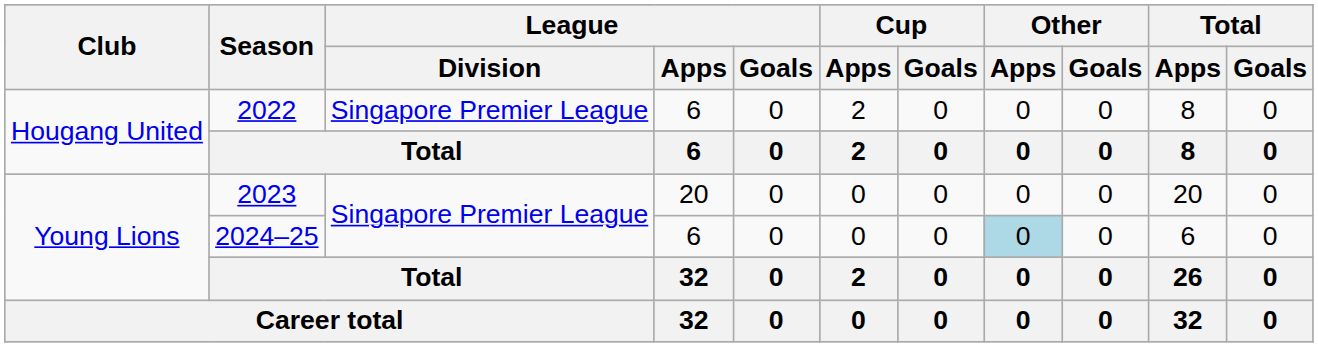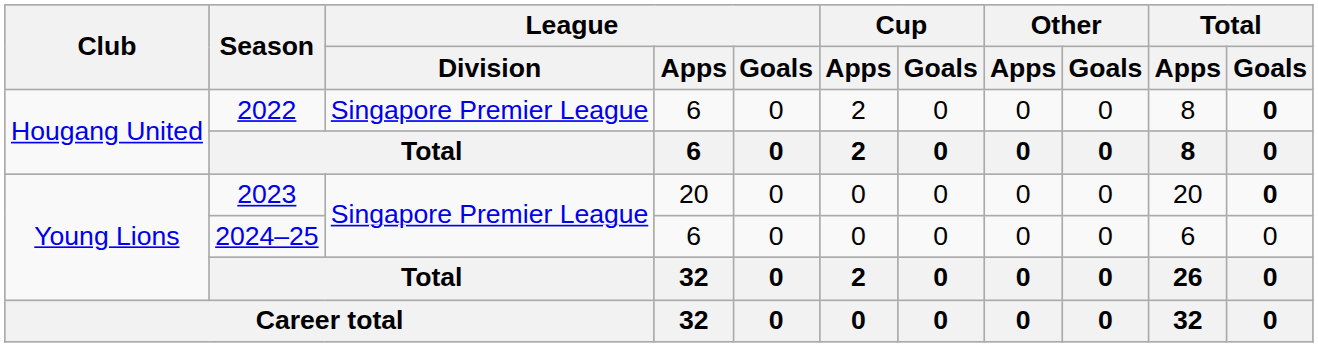 <table class="wikitable" style="text-align: center">
 <tr>
 <th rowspan="2">Club</th>
 <th rowspan="2">Season</th>
 <th colspan="3">League</th>
 <th colspan="2">Cup</th>
 <th colspan="2">Other</th>
 <th colspan="2">Total</th>
 </tr>
 <tr>
 <th>Division</th>
 <th>Apps</th>
 <th>Goals</th>
 <th>Apps</th>
 <th>Goals</th>
 <th>Apps</th>
 <th>Goals</th>
 <th>Apps</th>
 <th>Goals</th>
 </tr>
 <tr>
 <td rowspan="2"><a href='#'>Hougang United</a></td>
 <td><a href='#'>2022</a></td>
 <td rowspan="1"><a href='#'>Singapore Premier League</a></td>
 <td>6</td>
 <td>0</td>
 <td>2</td>
 <td>0</td>
 <td>0</td>
 <td>0</td>
 <td>8</td>
-<td>0</td>
+<td><strong>0</strong></td>
 </tr>
 <tr>
 <th colspan=2>Total</th>
 <th>6</th>
 <th>0</th>
 <th>2</th>
 <th>0</th>
 <th>0</th>
 <th>0</th>
 <th>8</th>
 <th>0</th>
 </tr>
 <tr>
 <td rowspan="3"><a href='#'>Young Lions</a></td>
 <td><a href='#'>2023</a></td>
 <td rowspan="2"><a href='#'>Singapore Premier League</a></td>
 <td>20</td>
 <td>0</td>
 <td>0</td>
 <td>0</td>
 <td>0</td>
 <td>0</td>
 <td>20</td>
-<td>0</td>
+<td><strong>0</strong></td>
 </tr>
 <tr>
 <td><a href='#'>2024–25</a></td>
 <td>6</td>
 <td>0</td>
 <td>0</td>
 <td>0</td>
-<td style="background: lightblue;">0</td>
+<td>0</td>
 <td>0</td>
 <td>6</td>
 <td>0</td>
 </tr>
 <tr>
 <th colspan=2>Total</th>
 <th>32</th>
 <th>0</th>
 <th>2</th>
 <th>0</th>
 <th>0</th>
 <th>0</th>
 <th>26</th>
 <th>0</th>
 </tr>
 <tr>
 <th colspan=3>Career total</th>
 <th>32</th>
 <th>0</th>
 <th>0</th>
 <th>0</th>
 <th>0</th>
 <th>0</th>
 <th>32</th>
 <th>0</th>
 </tr>
 </table>
